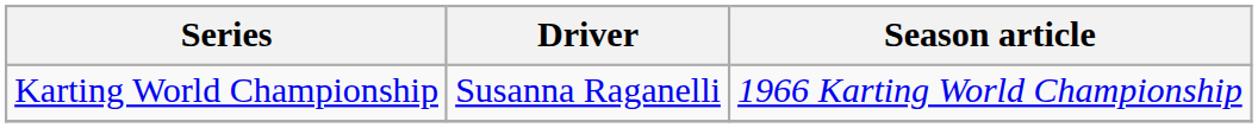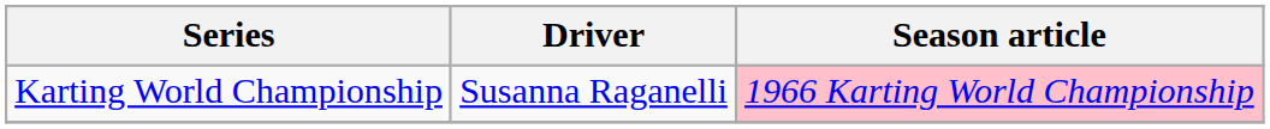 <table class="wikitable" style="font-size: 87%;">
 <tr>
 <th>Series</th>
 <th>Driver</th>
 <th>Season article</th>
 </tr>
 <tr>
 <td><a href='#'>Karting World Championship</a></td>
 <td> <a href='#'>Susanna Raganelli</a></td>
-<td><em><a href='#'>1966 Karting World Championship</a></em></td>
+<td style="background: pink;"><em><a href='#'>1966 Karting World Championship</a></em></td>
 </tr>
 <tr>
 </tr>
 </table>
